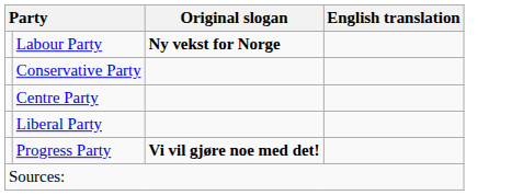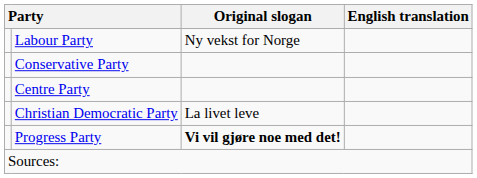 <table class="wikitable" style="font-size:97%; text-align:left">
 <tr>
 <th colspan="2" style="text-align:left;">Party</th>
 <th>Original slogan</th>
 <th>English translation</th>
 </tr>
 <tr>
 <td style="background:"></td>
 <td><a href='#'>Labour Party</a></td>
-<td><strong>Ny vekst for Norge</strong></td>
+<td>Ny vekst for Norge</td>
 <td></td>
 </tr>
 <tr>
 <td style="background:"></td>
 <td><a href='#'>Conservative Party</a></td>
 <td></td>
 <td></td>
 </tr>
 <tr>
 <td style="background:"></td>
 <td><a href='#'>Centre Party</a></td>
 <td></td>
 <td></td>
 </tr>
 <tr>
 <td style="background:"></td>
-<td><a href='#'>Liberal Party</a></td>
-<td></td>
+<td><a href='#'>Christian Democratic Party</a></td>
+<td>La livet leve</td>
 <td></td>
 </tr>
 <tr>
 <td style="background:"></td>
 <td><a href='#'>Progress Party</a></td>
 <td><strong>Vi vil gjøre noe med det!</strong></td>
 <td></td>
 </tr>
 <tr>
 <td colspan="4">Sources: </td>
 </tr>
 </table>
